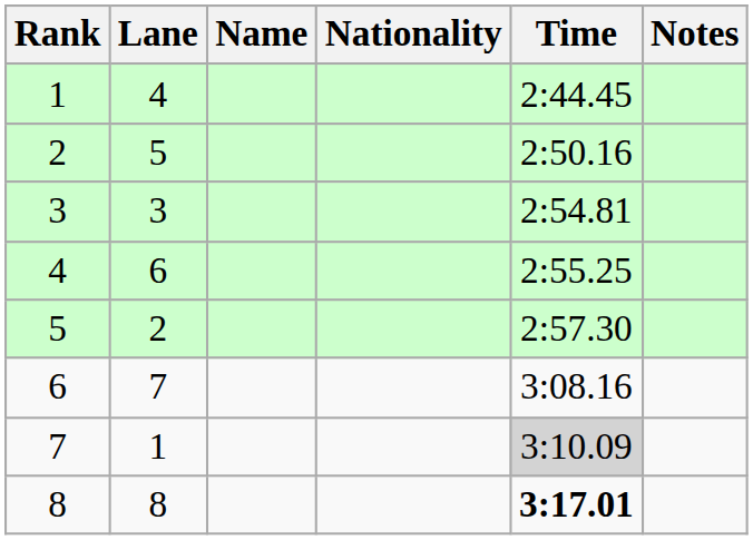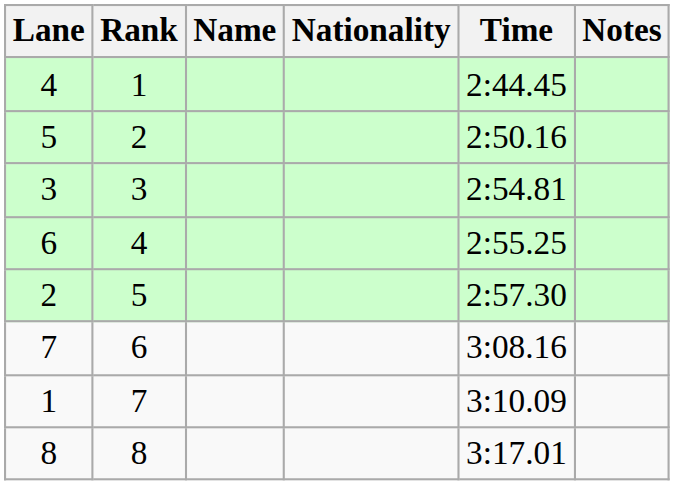 <table class="wikitable sortable" style="text-align:center">
 <tr>
+<th>Lane</th>
 <th>Rank</th>
-<th>Lane</th>
 <th>Name</th>
 <th>Nationality</th>
 <th>Time</th>
 <th>Notes</th>
 </tr>
 <tr bgcolor=ccffcc>
+<td>4</td>
 <td>1</td>
-<td>4</td>
 <td align=left></td>
 <td align=left></td>
 <td>2:44.45</td>
 <td><strong></strong></td>
 </tr>
 <tr bgcolor=ccffcc>
+<td>5</td>
 <td>2</td>
-<td>5</td>
 <td align=left></td>
 <td align=left></td>
 <td>2:50.16</td>
 <td><strong></strong></td>
 </tr>
 <tr bgcolor=ccffcc>
 <td>3</td>
 <td>3</td>
 <td align=left></td>
 <td align=left></td>
 <td>2:54.81</td>
 <td><strong></strong></td>
 </tr>
 <tr bgcolor=ccffcc>
+<td>6</td>
 <td>4</td>
-<td>6</td>
 <td align=left></td>
 <td align=left></td>
 <td>2:55.25</td>
 <td><strong></strong></td>
 </tr>
 <tr bgcolor=ccffcc>
+<td>2</td>
 <td>5</td>
-<td>2</td>
 <td align=left></td>
 <td align=left></td>
 <td>2:57.30</td>
 <td><strong></strong></td>
 </tr>
 <tr>
+<td>7</td>
 <td>6</td>
-<td>7</td>
 <td align=left></td>
 <td align=left></td>
 <td>3:08.16</td>
 <td></td>
 </tr>
 <tr>
+<td>1</td>
 <td>7</td>
-<td>1</td>
 <td align=left></td>
 <td align=left></td>
-<td style="background: lightgrey;">3:10.09</td>
+<td>3:10.09</td>
 <td></td>
 </tr>
 <tr>
 <td>8</td>
 <td>8</td>
 <td align=left></td>
 <td align=left></td>
-<td><strong>3:17.01</strong></td>
+<td>3:17.01</td>
 <td></td>
 </tr>
 </table>
